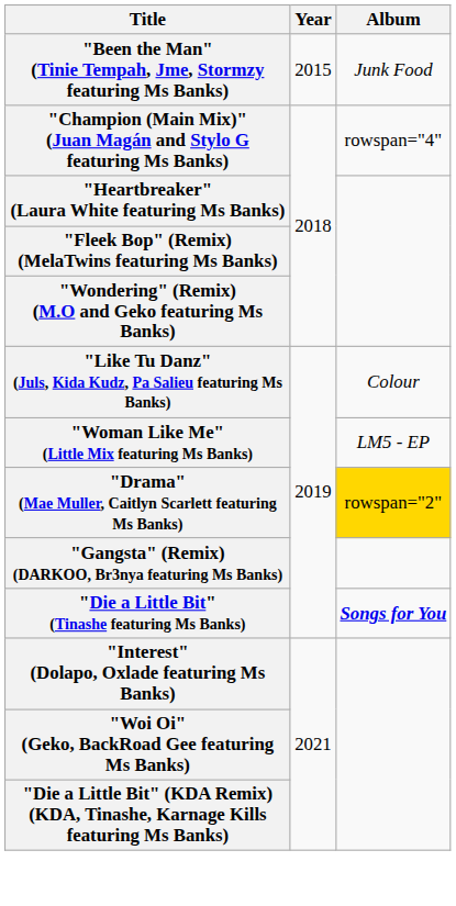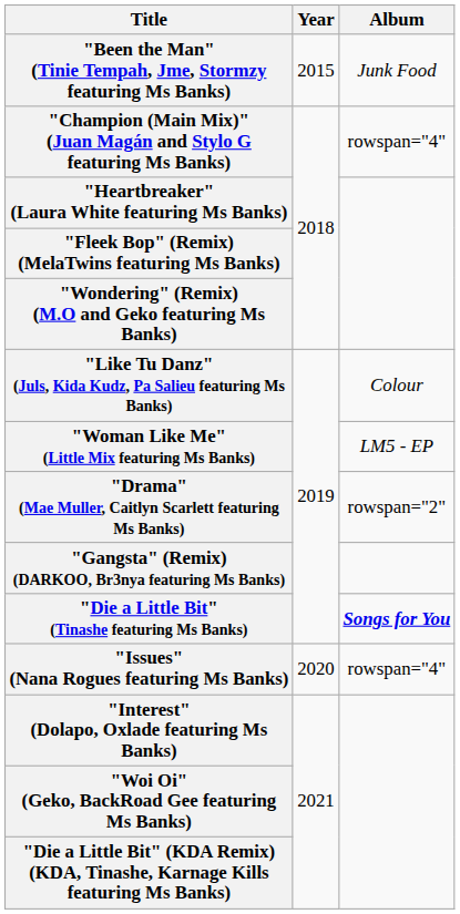 <table class="wikitable plainrowheaders" style="text-align:center">
 <tr>
 <th scope="col" style="width:15em;">Title</th>
 <th scope="col">Year</th>
 <th scope="col">Album</th>
 </tr>
 <tr>
 <th scope="row">"Been the Man"<br><span>(<a href='#'>Tinie Tempah</a>, <a href='#'>Jme</a>, <a href='#'>Stormzy</a> featuring Ms Banks)</span></th>
 <td>2015</td>
 <td><em>Junk Food</em></td>
 </tr>
 <tr>
 <th scope="row">"Champion (Main Mix)"<br><span>(<a href='#'>Juan Magán</a> and <a href='#'>Stylo G</a> featuring Ms Banks)</span></th>
 <td rowspan="4">2018</td>
 <td>rowspan="4" </td>
 </tr>
 <tr>
 <th scope="row">"Heartbreaker"<br><span>(Laura White featuring Ms Banks)</span></th>
 </tr>
 <tr>
 <th scope="row">"Fleek Bop" (Remix)<br><span>(MelaTwins featuring Ms Banks)</span></th>
 </tr>
 <tr>
 <th scope="row">"Wondering" (Remix)<br><span>(<a href='#'>M.O</a> and Geko featuring Ms Banks)</span></th>
 </tr>
 <tr>
 <th scope="row">"Like Tu Danz"<br><small>(<a href='#'>Juls</a>, <a href='#'>Kida Kudz</a>, <a href='#'>Pa Salieu</a> featuring Ms Banks)</small></th>
 <td rowspan="5">2019</td>
 <td><em>Colour</em></td>
 </tr>
 <tr>
 <th scope="row">"Woman Like Me"<br><small>(<a href='#'>Little Mix</a> featuring Ms Banks)</small></th>
 <td><em>LM5 - EP</em></td>
 </tr>
 <tr>
 <th scope="row">"Drama"<br><small>(<a href='#'>Mae Muller</a>, Caitlyn Scarlett featuring Ms Banks)</small></th>
-<td style="background: gold;">rowspan="2" </td>
+<td>rowspan="2" </td>
 </tr>
 <tr>
 <th scope="row">"Gangsta" (Remix)<br><small>(DARKOO, Br3nya featuring Ms Banks)</small></th>
 </tr>
 <tr>
 <th scope="row">"<a href='#'>Die a Little Bit</a>"<br><small>(<a href='#'>Tinashe</a> featuring Ms Banks)</small></th>
 <td><strong><em><a href='#'>Songs for You</a></em></strong></td>
+</tr>
+<tr>
+<th scope="row">"Issues"<br><span>(Nana Rogues featuring Ms Banks)</span></th>
+<td>2020</td>
+<td>rowspan="4" </td>
 </tr>
 <tr>
 <th scope="row">"Interest"<br><span>(Dolapo, Oxlade featuring Ms Banks)</span></th>
 <td rowspan="3">2021</td>
 </tr>
 <tr>
 <th scope="row">"Woi Oi"<br><span>(Geko, BackRoad Gee featuring Ms Banks)</span></th>
 </tr>
 <tr>
 <th scope="row">"Die a Little Bit" (KDA Remix)<br><span>(KDA, Tinashe, Karnage Kills featuring Ms Banks)</span></th>
 </tr>
 </table>
